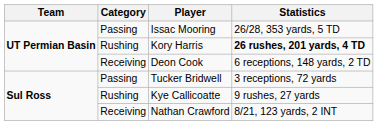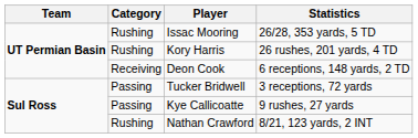 <table class="wikitable" style="float: right;">
 <tr>
 <th>Team</th>
 <th>Category</th>
 <th>Player</th>
 <th>Statistics</th>
 </tr>
 <tr>
 <td rowspan=3><strong>UT Permian Basin</strong></td>
-<td>Passing</td>
+<td>Rushing</td>
 <td>Issac Mooring</td>
 <td>26/28, 353 yards, 5 TD</td>
 </tr>
 <tr>
 <td>Rushing</td>
 <td>Kory Harris</td>
-<td><strong>26 rushes, 201 yards, 4 TD</strong></td>
+<td>26 rushes, 201 yards, 4 TD</td>
 </tr>
 <tr>
 <td>Receiving</td>
 <td>Deon Cook</td>
 <td>6 receptions, 148 yards, 2 TD</td>
 </tr>
 <tr>
 <td rowspan=3><strong>Sul Ross</strong></td>
 <td>Passing</td>
 <td>Tucker Bridwell</td>
 <td>3 receptions, 72 yards</td>
 </tr>
 <tr>
-<td>Rushing</td>
+<td>Passing</td>
 <td>Kye Callicoatte</td>
 <td>9 rushes, 27 yards</td>
 </tr>
 <tr>
-<td>Receiving</td>
+<td>Rushing</td>
 <td>Nathan Crawford</td>
 <td>8/21, 123 yards, 2 INT</td>
 </tr>
 </table>
